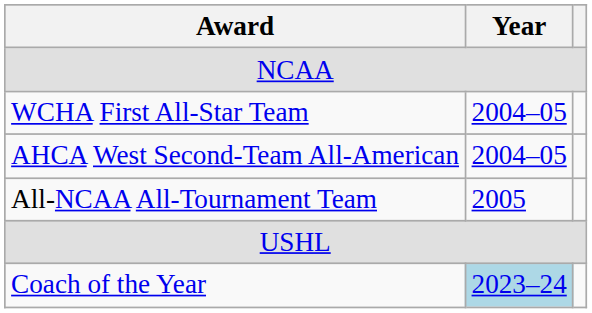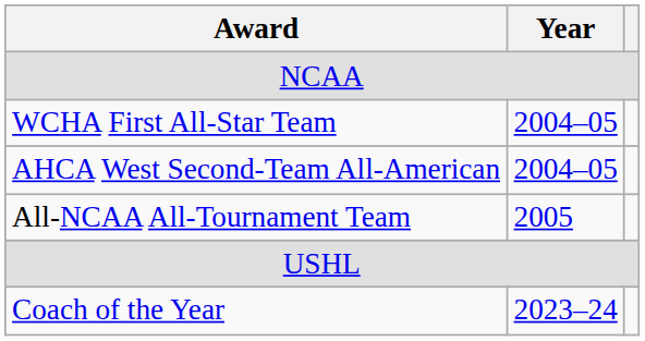 <table class="wikitable">
 <tr>
 <th>Award</th>
 <th>Year</th>
 <th></th>
 </tr>
 <tr ALIGN="center" bgcolor="#e0e0e0">
 <td colspan="3"><a href='#'>NCAA</a></td>
 </tr>
 <tr>
 <td><a href='#'>WCHA</a> <a href='#'>First All-Star Team</a></td>
 <td><a href='#'>2004–05</a></td>
 <td></td>
 </tr>
 <tr>
 <td><a href='#'>AHCA</a> <a href='#'>West Second-Team All-American</a></td>
 <td><a href='#'>2004–05</a></td>
 <td></td>
 </tr>
 <tr>
 <td>All-<a href='#'>NCAA</a> <a href='#'>All-Tournament Team</a></td>
 <td><a href='#'>2005</a></td>
 <td></td>
 </tr>
 <tr ALIGN="center" bgcolor="#e0e0e0">
 <td colspan="3"><a href='#'>USHL</a></td>
 </tr>
 <tr>
 <td><a href='#'>Coach of the Year</a></td>
-<td style="background: lightblue;"><a href='#'>2023–24</a></td>
+<td><a href='#'>2023–24</a></td>
 <td></td>
 </tr>
 </table>
